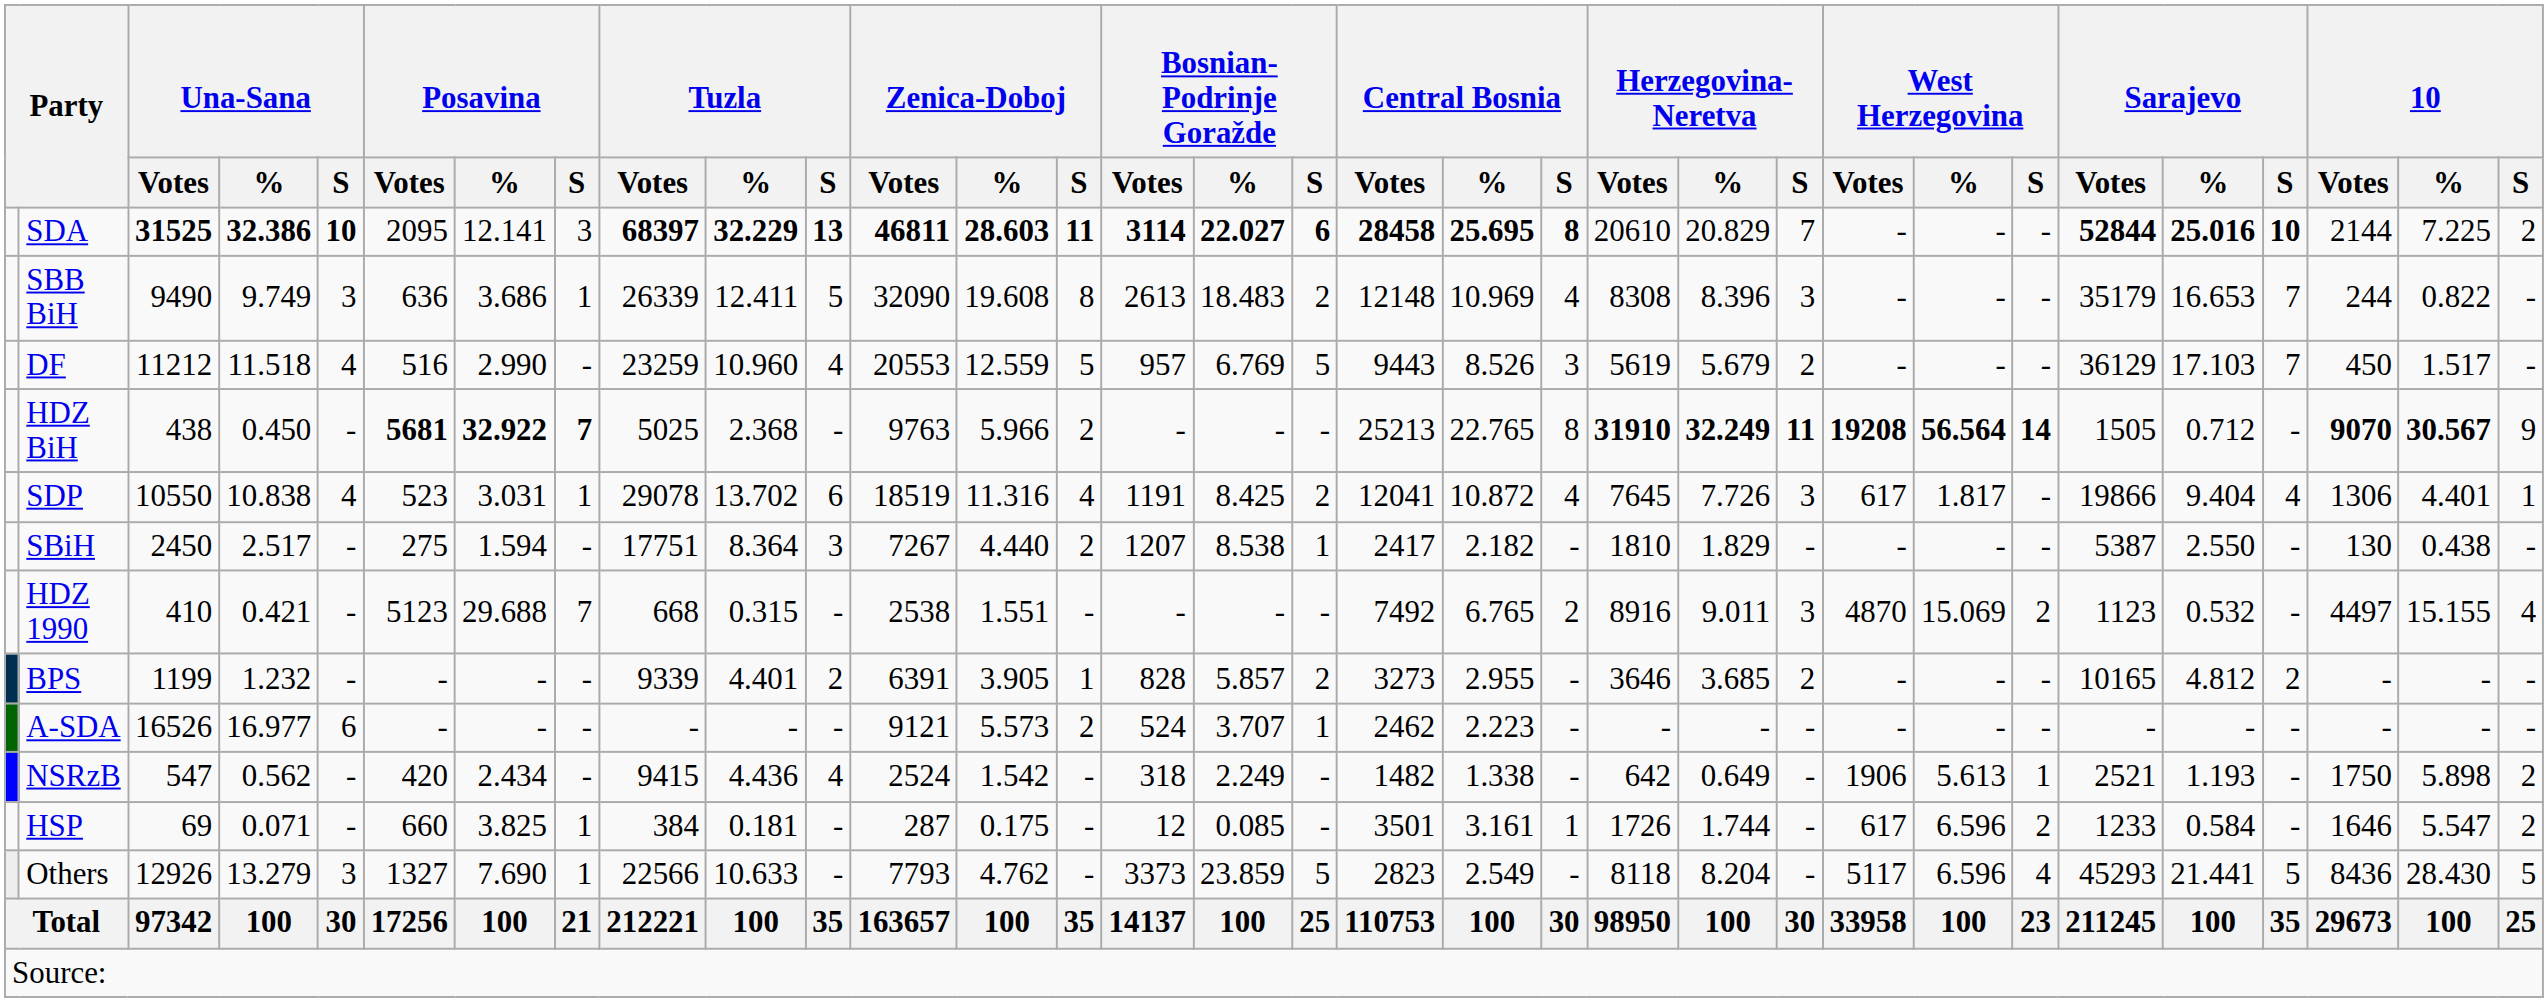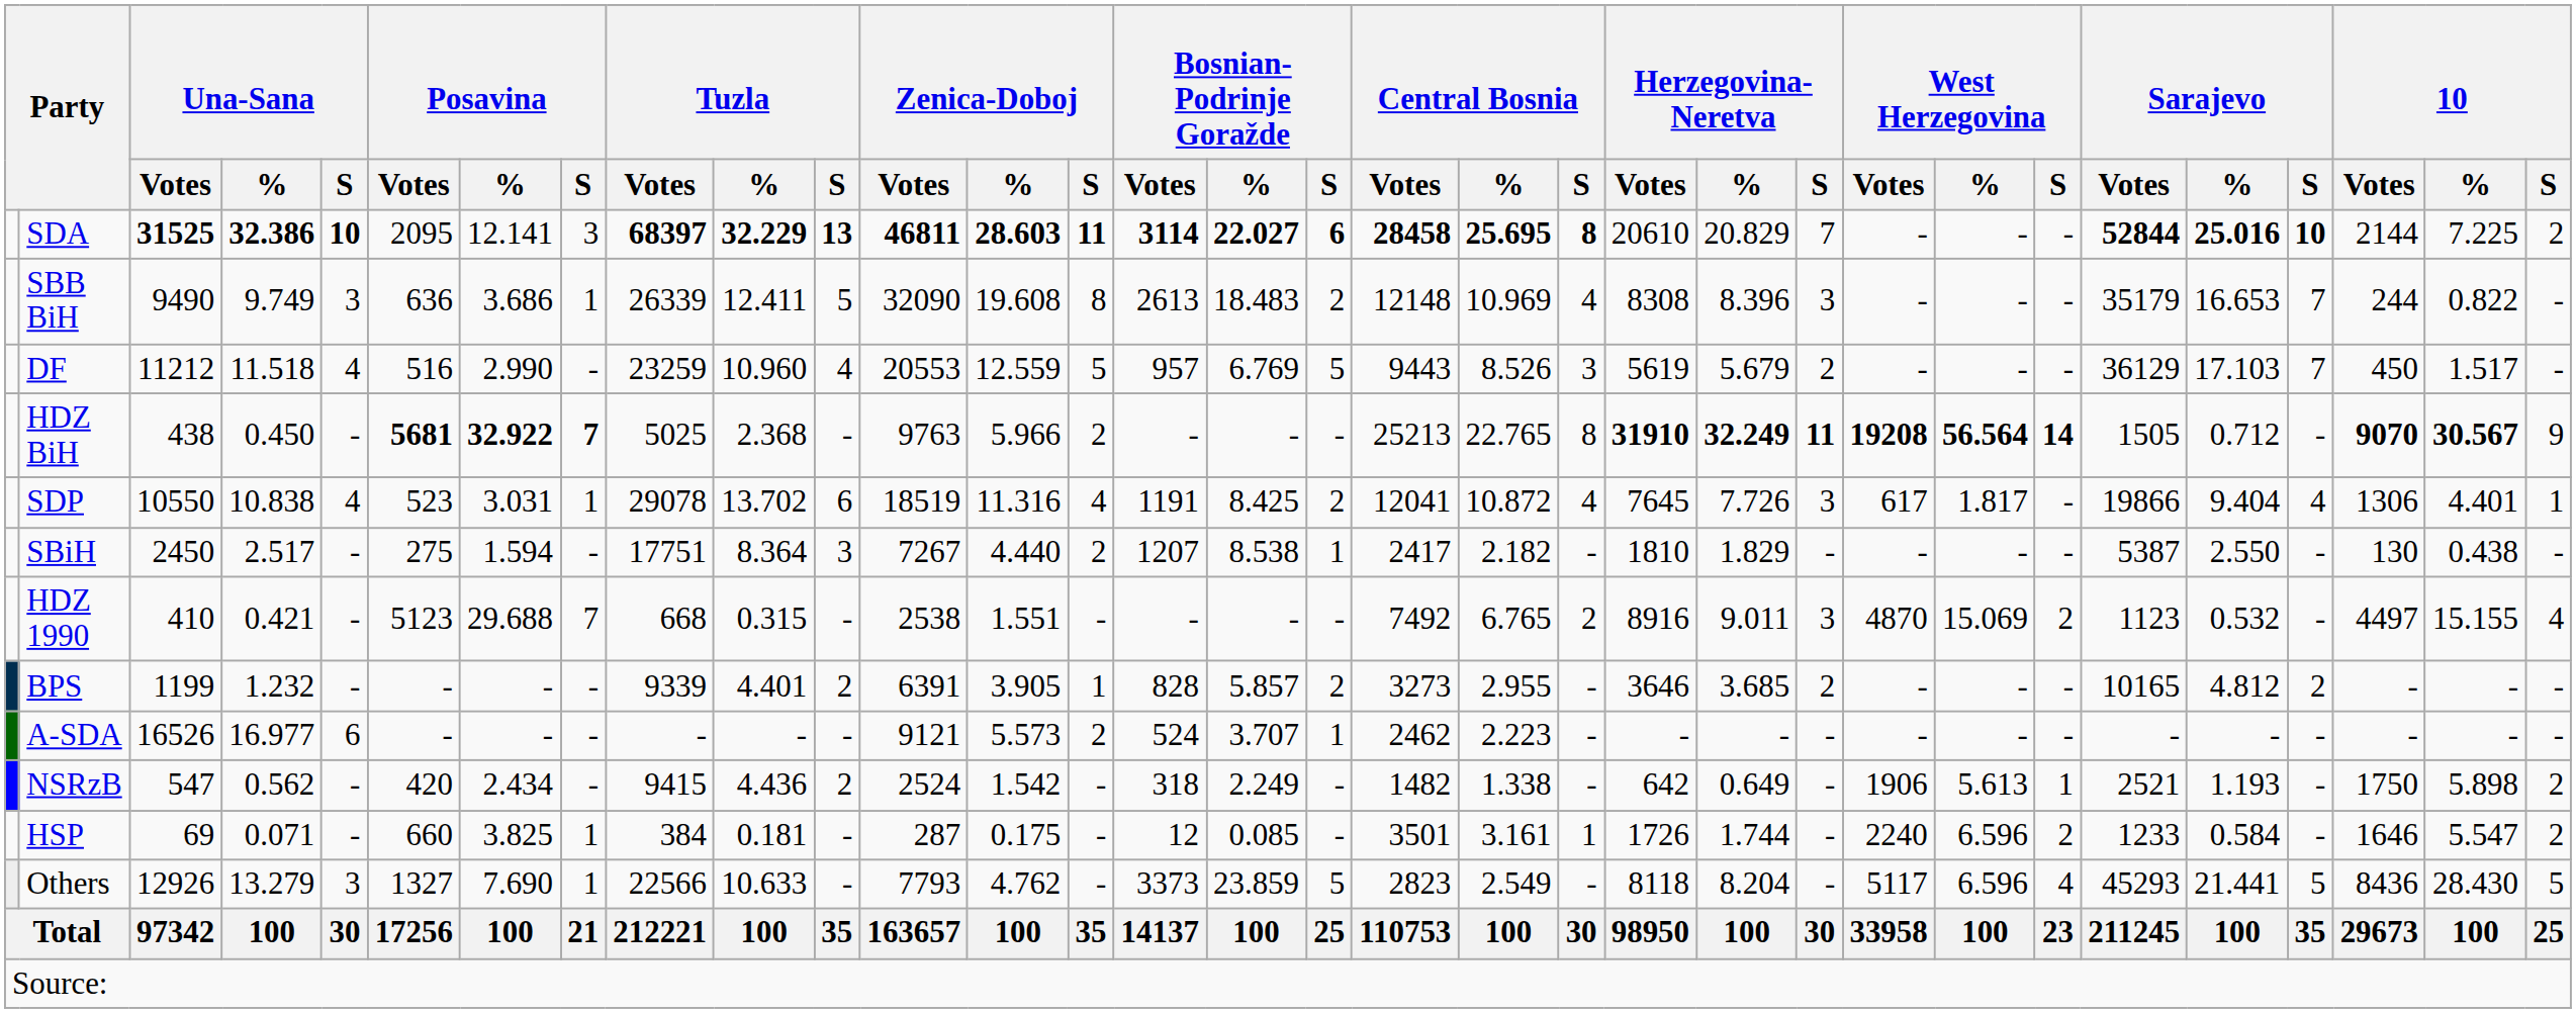 <table class="sortable wikitable" style="text-align:right">
 <tr>
 <th rowspan=2; colspan=2>Party</th>
 <th colspan=3><br><a href='#'>Una-Sana</a></th>
 <th colspan=3><br><a href='#'>Posavina</a></th>
 <th colspan=3><br><a href='#'>Tuzla</a></th>
 <th colspan=3><br><a href='#'>Zenica-Doboj</a></th>
 <th colspan=3><br><a href='#'>Bosnian-Podrinje Goražde</a></th>
 <th colspan=3><br><a href='#'>Central Bosnia</a></th>
 <th colspan=3><br><a href='#'>Herzegovina-Neretva</a></th>
 <th colspan=3><br><a href='#'>West Herzegovina</a></th>
 <th colspan=3><br><a href='#'>Sarajevo</a></th>
 <th colspan=3><br><a href='#'>10</a></th>
 </tr>
 <tr>
 <th>Votes</th>
 <th>%</th>
 <th>S</th>
 <th>Votes</th>
 <th>%</th>
 <th>S</th>
 <th>Votes</th>
 <th>%</th>
 <th>S</th>
 <th>Votes</th>
 <th>%</th>
 <th>S</th>
 <th>Votes</th>
 <th>%</th>
 <th>S</th>
 <th>Votes</th>
 <th>%</th>
 <th>S</th>
 <th>Votes</th>
 <th>%</th>
 <th>S</th>
 <th>Votes</th>
 <th>%</th>
 <th>S</th>
 <th>Votes</th>
 <th>%</th>
 <th>S</th>
 <th>Votes</th>
 <th>%</th>
 <th>S</th>
 </tr>
 <tr>
 <td rowspan=1; style="background-color: "></td>
 <td align=left><a href='#'>SDA</a></td>
 <td><strong>31525</strong></td>
 <td><strong>32.386</strong></td>
 <td><strong>10</strong></td>
 <td>2095</td>
 <td>12.141</td>
 <td>3</td>
 <td><strong>68397</strong></td>
 <td><strong>32.229</strong></td>
 <td><strong>13</strong></td>
 <td><strong>46811</strong></td>
 <td><strong>28.603</strong></td>
 <td><strong>11</strong></td>
 <td><strong>3114</strong></td>
 <td><strong>22.027</strong></td>
 <td><strong>6</strong></td>
 <td><strong>28458</strong></td>
 <td><strong>25.695</strong></td>
 <td><strong>8</strong></td>
 <td>20610</td>
 <td>20.829</td>
 <td>7</td>
 <td>-</td>
 <td>-</td>
 <td>-</td>
 <td><strong>52844</strong></td>
 <td><strong>25.016</strong></td>
 <td><strong>10</strong></td>
 <td>2144</td>
 <td>7.225</td>
 <td>2</td>
 </tr>
 <tr>
 <td rowspan="1;" style="background-color: "></td>
 <td align="left"><a href='#'>SBB BiH</a></td>
 <td>9490</td>
 <td>9.749</td>
 <td>3</td>
 <td>636</td>
 <td>3.686</td>
 <td>1</td>
 <td>26339</td>
 <td>12.411</td>
 <td>5</td>
 <td>32090</td>
 <td>19.608</td>
 <td>8</td>
 <td>2613</td>
 <td>18.483</td>
 <td>2</td>
 <td>12148</td>
 <td>10.969</td>
 <td>4</td>
 <td>8308</td>
 <td>8.396</td>
 <td>3</td>
 <td>-</td>
 <td>-</td>
 <td>-</td>
 <td>35179</td>
 <td>16.653</td>
 <td>7</td>
 <td>244</td>
 <td>0.822</td>
 <td>-</td>
 </tr>
 <tr>
 <td rowspan="1;" style="background-color: "></td>
 <td align="left"><a href='#'>DF</a></td>
 <td>11212</td>
 <td>11.518</td>
 <td>4</td>
 <td>516</td>
 <td>2.990</td>
 <td>-</td>
 <td>23259</td>
 <td>10.960</td>
 <td>4</td>
 <td>20553</td>
 <td>12.559</td>
 <td>5</td>
 <td>957</td>
 <td>6.769</td>
 <td>5</td>
 <td>9443</td>
 <td>8.526</td>
 <td>3</td>
 <td>5619</td>
 <td>5.679</td>
 <td>2</td>
 <td>-</td>
 <td>-</td>
 <td>-</td>
 <td>36129</td>
 <td>17.103</td>
 <td>7</td>
 <td>450</td>
 <td>1.517</td>
 <td>-</td>
 </tr>
 <tr>
 <td rowspan=1; style="background-color: "></td>
 <td align=left><a href='#'>HDZ BiH</a></td>
 <td>438</td>
 <td>0.450</td>
 <td>-</td>
 <td><strong>5681</strong></td>
 <td><strong>32.922</strong></td>
 <td><strong>7</strong></td>
 <td>5025</td>
 <td>2.368</td>
 <td>-</td>
 <td>9763</td>
 <td>5.966</td>
 <td>2</td>
 <td>-</td>
 <td>-</td>
 <td>-</td>
 <td>25213</td>
 <td>22.765</td>
 <td>8</td>
 <td><strong>31910</strong></td>
 <td><strong>32.249</strong></td>
 <td><strong>11</strong></td>
 <td><strong>19208</strong></td>
 <td><strong>56.564</strong></td>
 <td><strong>14</strong></td>
 <td>1505</td>
 <td>0.712</td>
 <td>-</td>
 <td><strong>9070</strong></td>
 <td><strong>30.567</strong></td>
 <td>9</td>
 </tr>
 <tr>
 <td rowspan=1; style="background-color: "></td>
 <td align=left><a href='#'>SDP</a></td>
 <td>10550</td>
 <td>10.838</td>
 <td>4</td>
 <td>523</td>
 <td>3.031</td>
 <td>1</td>
 <td>29078</td>
 <td>13.702</td>
 <td>6</td>
 <td>18519</td>
 <td>11.316</td>
 <td>4</td>
 <td>1191</td>
 <td>8.425</td>
 <td>2</td>
 <td>12041</td>
 <td>10.872</td>
 <td>4</td>
 <td>7645</td>
 <td>7.726</td>
 <td>3</td>
 <td>617</td>
 <td>1.817</td>
 <td>-</td>
 <td>19866</td>
 <td>9.404</td>
 <td>4</td>
 <td>1306</td>
 <td>4.401</td>
 <td>1</td>
 </tr>
 <tr>
 <td rowspan=1; style="background-color: "></td>
 <td align=left><a href='#'>SBiH</a></td>
 <td>2450</td>
 <td>2.517</td>
 <td>-</td>
 <td>275</td>
 <td>1.594</td>
 <td>-</td>
 <td>17751</td>
 <td>8.364</td>
 <td>3</td>
 <td>7267</td>
 <td>4.440</td>
 <td>2</td>
 <td>1207</td>
 <td>8.538</td>
 <td>1</td>
 <td>2417</td>
 <td>2.182</td>
 <td>-</td>
 <td>1810</td>
 <td>1.829</td>
 <td>-</td>
 <td>-</td>
 <td>-</td>
 <td>-</td>
 <td>5387</td>
 <td>2.550</td>
 <td>-</td>
 <td>130</td>
 <td>0.438</td>
 <td>-</td>
 </tr>
 <tr>
 <td rowspan="1;" style="background-color: "></td>
 <td align="left"><a href='#'>HDZ 1990</a></td>
 <td>410</td>
 <td>0.421</td>
 <td>-</td>
 <td>5123</td>
 <td>29.688</td>
 <td>7</td>
 <td>668</td>
 <td>0.315</td>
 <td>-</td>
 <td>2538</td>
 <td>1.551</td>
 <td>-</td>
 <td>-</td>
 <td>-</td>
 <td>-</td>
 <td>7492</td>
 <td>6.765</td>
 <td>2</td>
 <td>8916</td>
 <td>9.011</td>
 <td>3</td>
 <td>4870</td>
 <td>15.069</td>
 <td>2</td>
 <td>1123</td>
 <td>0.532</td>
 <td>-</td>
 <td>4497</td>
 <td>15.155</td>
 <td>4</td>
 </tr>
 <tr>
 <td rowspan="1;" style="background-color: #002E50"></td>
 <td align="left"><a href='#'>BPS</a></td>
 <td>1199</td>
 <td>1.232</td>
 <td>-</td>
 <td>-</td>
 <td>-</td>
 <td>-</td>
 <td>9339</td>
 <td>4.401</td>
 <td>2</td>
 <td>6391</td>
 <td>3.905</td>
 <td>1</td>
 <td>828</td>
 <td>5.857</td>
 <td>2</td>
 <td>3273</td>
 <td>2.955</td>
 <td>-</td>
 <td>3646</td>
 <td>3.685</td>
 <td>2</td>
 <td>-</td>
 <td>-</td>
 <td>-</td>
 <td>10165</td>
 <td>4.812</td>
 <td>2</td>
 <td>-</td>
 <td>-</td>
 <td>-</td>
 </tr>
 <tr>
 <td rowspan="1;" style="background-color: darkgreen "></td>
 <td align="left"><a href='#'>A-SDA</a></td>
 <td>16526</td>
 <td>16.977</td>
 <td>6</td>
 <td>-</td>
 <td>-</td>
 <td>-</td>
 <td>-</td>
 <td>-</td>
 <td>-</td>
 <td>9121</td>
 <td>5.573</td>
 <td>2</td>
 <td>524</td>
 <td>3.707</td>
 <td>1</td>
 <td>2462</td>
 <td>2.223</td>
 <td>-</td>
 <td>-</td>
 <td>-</td>
 <td>-</td>
 <td>-</td>
 <td>-</td>
 <td>-</td>
 <td>-</td>
 <td>-</td>
 <td>-</td>
 <td>-</td>
 <td>-</td>
 <td>-</td>
 </tr>
 <tr>
 <td rowspan="1;" style="background-color: blue "></td>
 <td align="left"><a href='#'>NSRzB</a></td>
 <td>547</td>
 <td>0.562</td>
 <td>-</td>
 <td>420</td>
 <td>2.434</td>
 <td>-</td>
 <td>9415</td>
 <td>4.436</td>
-<td>4</td>
+<td>2</td>
 <td>2524</td>
 <td>1.542</td>
 <td>-</td>
 <td>318</td>
 <td>2.249</td>
 <td>-</td>
 <td>1482</td>
 <td>1.338</td>
 <td>-</td>
 <td>642</td>
 <td>0.649</td>
 <td>-</td>
 <td>1906</td>
 <td>5.613</td>
 <td>1</td>
 <td>2521</td>
 <td>1.193</td>
 <td>-</td>
 <td>1750</td>
 <td>5.898</td>
 <td>2</td>
 </tr>
 <tr>
 <td rowspan="1;" style="background-color: "></td>
 <td align="left"><a href='#'>HSP</a></td>
 <td>69</td>
 <td>0.071</td>
 <td>-</td>
 <td>660</td>
 <td>3.825</td>
 <td>1</td>
 <td>384</td>
 <td>0.181</td>
 <td>-</td>
 <td>287</td>
 <td>0.175</td>
 <td>-</td>
 <td>12</td>
 <td>0.085</td>
 <td>-</td>
 <td>3501</td>
 <td>3.161</td>
 <td>1</td>
 <td>1726</td>
 <td>1.744</td>
 <td>-</td>
-<td>617</td>
+<td>2240</td>
 <td>6.596</td>
 <td>2</td>
 <td>1233</td>
 <td>0.584</td>
 <td>-</td>
 <td>1646</td>
 <td>5.547</td>
 <td>2</td>
 </tr>
 <tr>
 <td rowspan="1;" style="background:#eee"></td>
 <td align="left">Others</td>
 <td>12926</td>
 <td>13.279</td>
 <td>3</td>
 <td>1327</td>
 <td>7.690</td>
 <td>1</td>
 <td>22566</td>
 <td>10.633</td>
 <td>-</td>
 <td>7793</td>
 <td>4.762</td>
 <td>-</td>
 <td>3373</td>
 <td>23.859</td>
 <td>5</td>
 <td>2823</td>
 <td>2.549</td>
 <td>-</td>
 <td>8118</td>
 <td>8.204</td>
 <td>-</td>
 <td>5117</td>
 <td>6.596</td>
 <td>4</td>
 <td>45293</td>
 <td>21.441</td>
 <td>5</td>
 <td>8436</td>
 <td>28.430</td>
 <td>5</td>
 </tr>
 <tr>
 <th colspan="2">Total</th>
 <th>97342</th>
 <th>100</th>
 <th>30</th>
 <th>17256</th>
 <th>100</th>
 <th>21</th>
 <th>212221</th>
 <th>100</th>
 <th>35</th>
 <th>163657</th>
 <th>100</th>
 <th>35</th>
 <th>14137</th>
 <th>100</th>
 <th>25</th>
 <th>110753</th>
 <th>100</th>
 <th>30</th>
 <th>98950</th>
 <th>100</th>
 <th>30</th>
 <th>33958</th>
 <th>100</th>
 <th>23</th>
 <th>211245</th>
 <th>100</th>
 <th>35</th>
 <th>29673</th>
 <th>100</th>
 <th>25</th>
 </tr>
 <tr>
 <td align=left colspan=32>Source: </td>
 </tr>
 </table>
